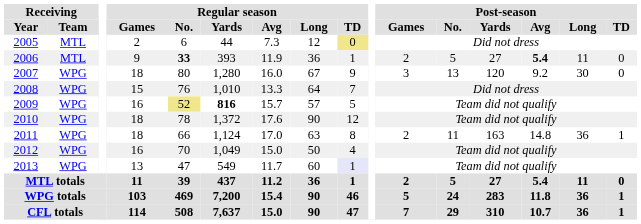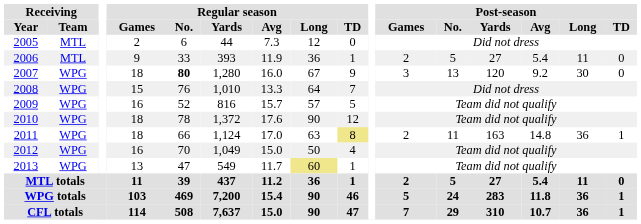 <table BORDER="0" CELLPADDING="1" CELLSPACING="0" width="65%" style="text-align:center">
 <tr bgcolor="#e0e0e0">
 <th colspan="2">Receiving</th>
 <th rowspan="99" bgcolor="#ffffff"> </th>
 <th colspan="6">Regular season</th>
 <th rowspan="99" bgcolor="#ffffff"> </th>
 <th colspan="6">Post-season</th>
 </tr>
 <tr bgcolor="#e0e0e0">
 <th>Year</th>
 <th>Team</th>
 <th>Games</th>
 <th>No.</th>
 <th>Yards</th>
 <th>Avg</th>
 <th>Long</th>
 <th>TD</th>
 <th>Games</th>
 <th>No.</th>
 <th>Yards</th>
 <th>Avg</th>
 <th>Long</th>
 <th>TD</th>
 </tr>
 <tr ALIGN="center">
 <td><a href='#'>2005</a></td>
 <td><a href='#'>MTL</a></td>
 <td>2</td>
 <td>6</td>
 <td>44</td>
 <td>7.3</td>
 <td>12</td>
-<td style="background: khaki;">0</td>
+<td>0</td>
 <td colspan="6"><em>Did not dress</em></td>
 </tr>
 <tr ALIGN="center" bgcolor="#f0f0f0">
 <td><a href='#'>2006</a></td>
 <td><a href='#'>MTL</a></td>
 <td>9</td>
-<td><strong>33</strong></td>
+<td>33</td>
 <td>393</td>
 <td>11.9</td>
 <td>36</td>
 <td>1</td>
 <td>2</td>
 <td>5</td>
 <td>27</td>
-<td><strong>5.4</strong></td>
+<td>5.4</td>
 <td>11</td>
 <td>0</td>
 </tr>
 <tr ALIGN="center">
 <td><a href='#'>2007</a></td>
 <td><a href='#'>WPG</a></td>
 <td>18</td>
-<td>80</td>
+<td><strong>80</strong></td>
 <td>1,280</td>
 <td>16.0</td>
 <td>67</td>
 <td>9</td>
 <td>3</td>
 <td>13</td>
 <td>120</td>
 <td>9.2</td>
 <td>30</td>
 <td>0</td>
 </tr>
 <tr ALIGN="center" bgcolor="#f0f0f0">
 <td><a href='#'>2008</a></td>
 <td><a href='#'>WPG</a></td>
 <td>15</td>
 <td>76</td>
 <td>1,010</td>
 <td>13.3</td>
 <td>64</td>
 <td>7</td>
 <td colspan="6"><em>Did not dress</em></td>
 </tr>
 <tr ALIGN="center">
 <td><a href='#'>2009</a></td>
 <td><a href='#'>WPG</a></td>
 <td>16</td>
-<td style="background: khaki;">52</td>
-<td><strong>816</strong></td>
+<td>52</td>
+<td>816</td>
 <td>15.7</td>
 <td>57</td>
 <td>5</td>
 <td colspan="6"><em>Team did not qualify</em></td>
 </tr>
 <tr ALIGN="center" bgcolor="#f0f0f0">
 <td><a href='#'>2010</a></td>
 <td><a href='#'>WPG</a></td>
 <td>18</td>
 <td>78</td>
 <td>1,372</td>
 <td>17.6</td>
 <td>90</td>
 <td>12</td>
 <td colspan="6"><em>Team did not qualify</em></td>
 </tr>
 <tr ALIGN="center">
 <td><a href='#'>2011</a></td>
 <td><a href='#'>WPG</a></td>
 <td>18</td>
 <td>66</td>
 <td>1,124</td>
 <td>17.0</td>
 <td>63</td>
-<td>8</td>
+<td style="background: khaki;">8</td>
 <td>2</td>
 <td>11</td>
 <td>163</td>
 <td>14.8</td>
 <td>36</td>
 <td>1</td>
 </tr>
 <tr ALIGN="center" bgcolor="#f0f0f0">
 <td><a href='#'>2012</a></td>
 <td><a href='#'>WPG</a></td>
 <td>16</td>
 <td>70</td>
 <td>1,049</td>
 <td>15.0</td>
 <td>50</td>
 <td>4</td>
 <td colspan="6"><em>Team did not qualify</em></td>
 </tr>
 <tr ALIGN="center">
 <td><a href='#'>2013</a></td>
 <td><a href='#'>WPG</a></td>
 <td>13</td>
 <td>47</td>
 <td>549</td>
 <td>11.7</td>
-<td>60</td>
-<td style="background: lavender;">1</td>
+<td style="background: khaki;">60</td>
+<td>1</td>
 <td colspan="6"><em>Team did not qualify</em></td>
 </tr>
 <tr bgcolor="#e0e0e0">
 <th colspan="3"><a href='#'>MTL</a> totals</th>
 <th>11</th>
 <th>39</th>
 <th>437</th>
 <th>11.2</th>
 <th>36</th>
 <th>1</th>
 <th>2</th>
 <th>5</th>
 <th>27</th>
 <th>5.4</th>
 <th>11</th>
 <th>0</th>
 </tr>
 <tr bgcolor="#e0e0e0">
 <th colspan="3"><a href='#'>WPG</a> totals</th>
 <th>103</th>
 <th>469</th>
 <th>7,200</th>
 <th>15.4</th>
 <th>90</th>
 <th>46</th>
 <th>5</th>
 <th>24</th>
 <th>283</th>
 <th>11.8</th>
 <th>36</th>
 <th>1</th>
 </tr>
 <tr bgcolor="#e0e0e0">
 <th colspan="3"><a href='#'>CFL</a> totals</th>
 <th>114</th>
 <th>508</th>
 <th>7,637</th>
 <th>15.0</th>
 <th>90</th>
 <th>47</th>
 <th>7</th>
 <th>29</th>
 <th>310</th>
 <th>10.7</th>
 <th>36</th>
 <th>1</th>
 </tr>
 </table>
